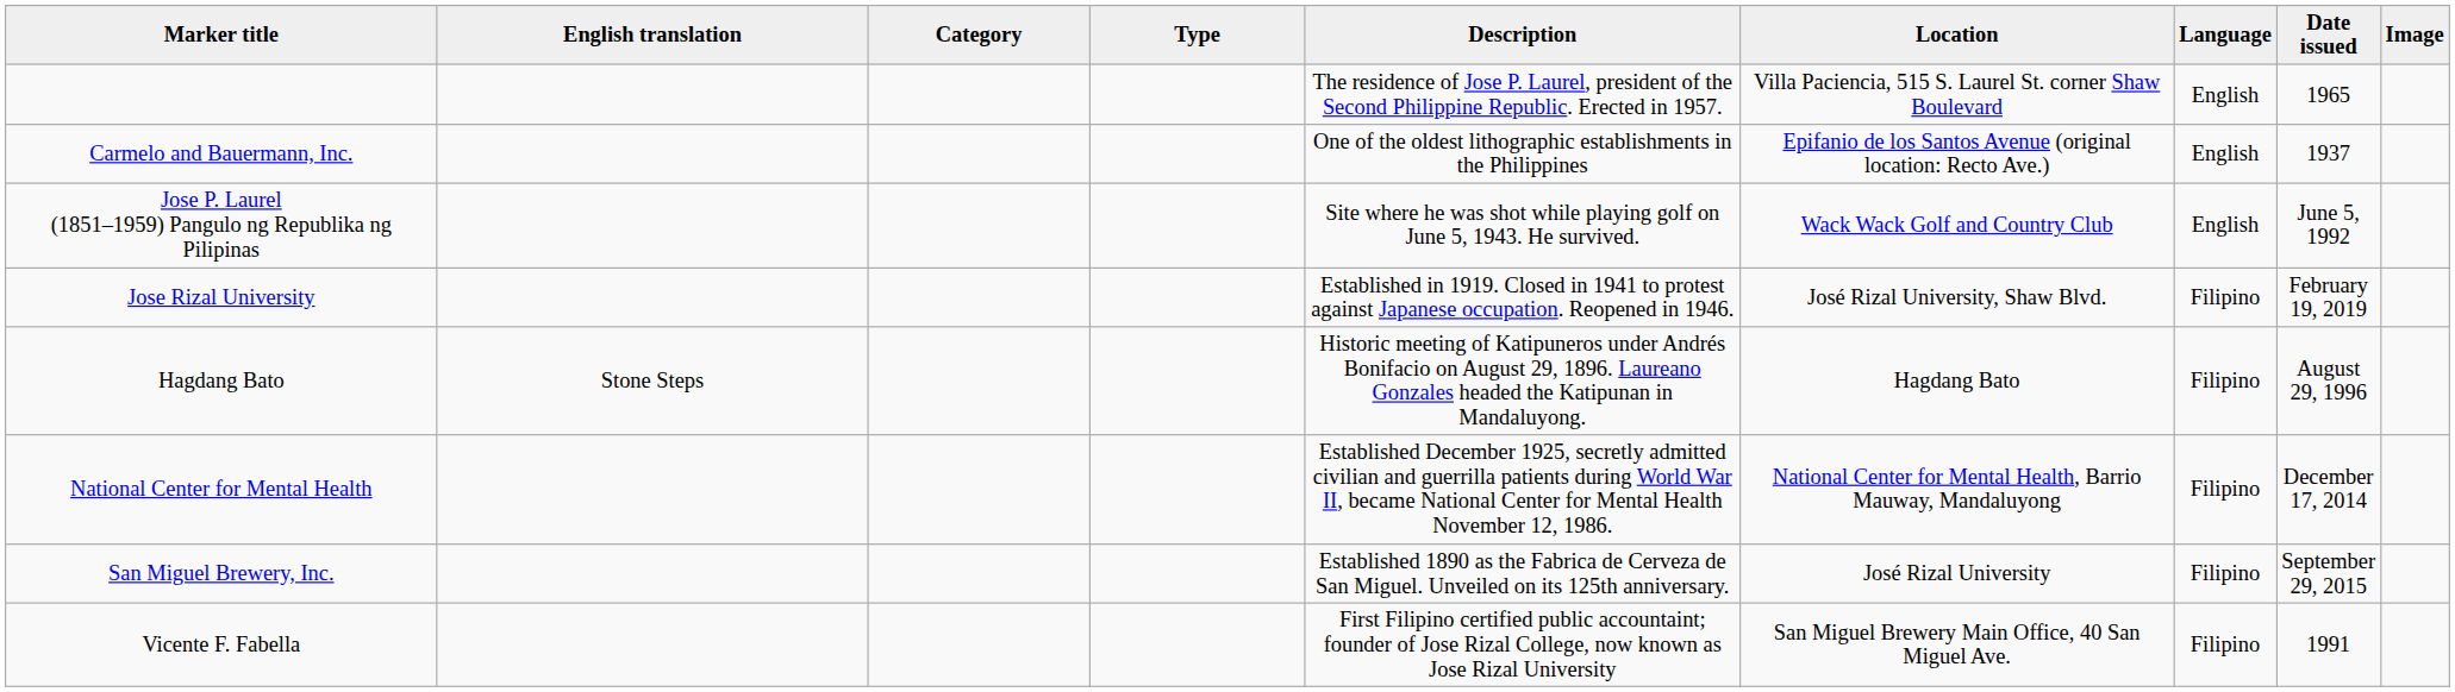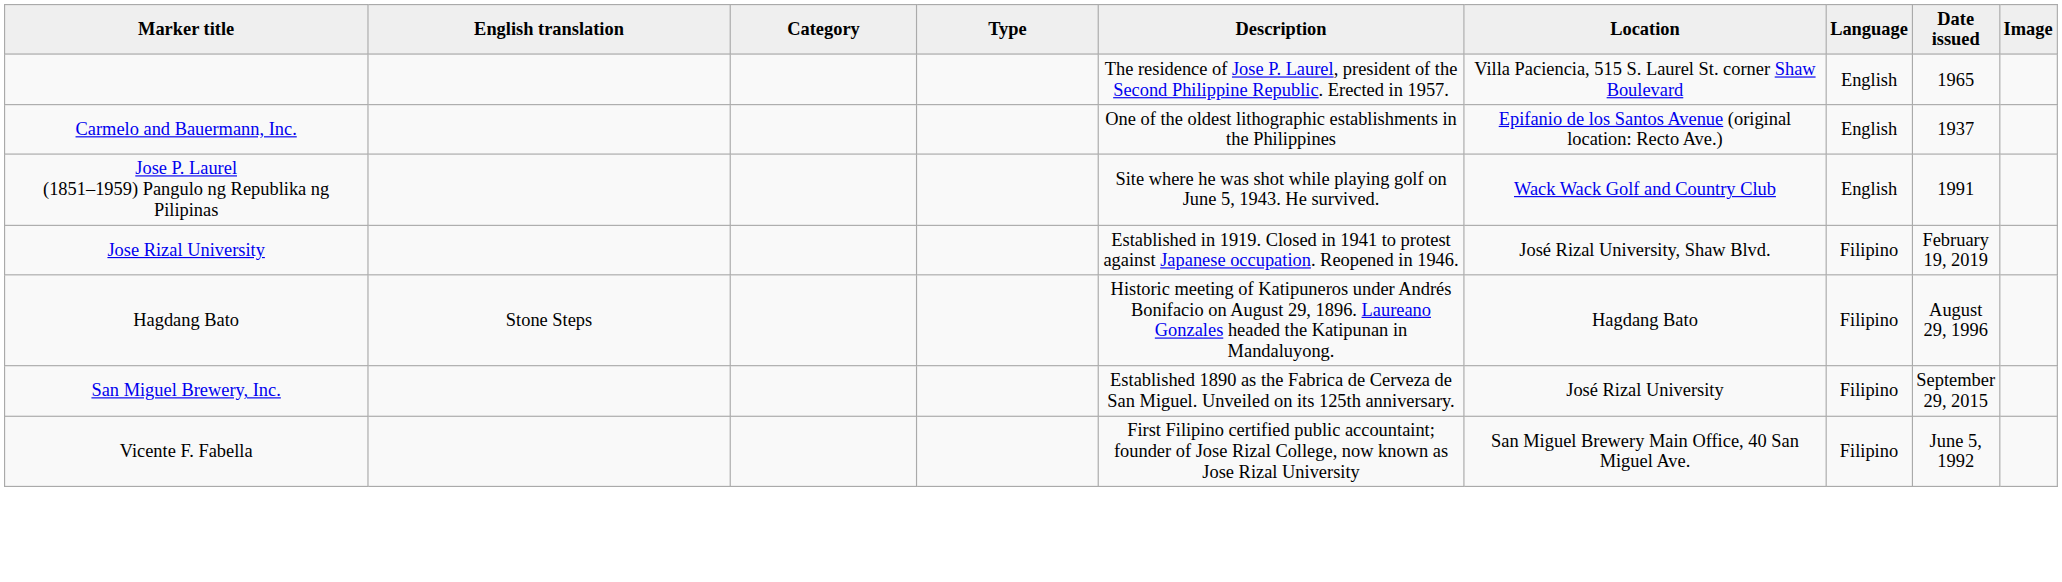 <table class="wikitable" style="width:90%; text-align:center;">
 <tr>
 <th style="width:20%; background:#efefef;">Marker title</th>
 <th style="width:20%; background:#efefef;">English translation</th>
 <th style="width:10%; background:#efefef;">Category</th>
 <th style="width:10%; background:#efefef;">Type</th>
 <th style="width:20%; background:#efefef;">Description</th>
 <th style="width:20%; background:#efefef;">Location</th>
 <th style="width:10%; background:#efefef;">Language</th>
 <th style="width:10%; background:#efefef;">Date issued</th>
 <th style="width:10%; background:#efefef;">Image</th>
 </tr>
 <tr>
 <td></td>
 <td></td>
 <td></td>
 <td></td>
 <td>The residence of <a href='#'>Jose P. Laurel</a>, president of the <a href='#'>Second Philippine Republic</a>. Erected in 1957.</td>
 <td>Villa Paciencia, 515 S. Laurel St. corner <a href='#'>Shaw Boulevard</a></td>
 <td>English</td>
 <td>1965</td>
 <td><br></td>
 </tr>
 <tr>
 <td><a href='#'>Carmelo and Bauermann, Inc.</a></td>
 <td></td>
 <td></td>
 <td></td>
 <td>One of the oldest lithographic establishments in the Philippines</td>
 <td><a href='#'>Epifanio de los Santos Avenue</a> (original location: Recto Ave.)</td>
 <td>English</td>
 <td>1937</td>
 <td></td>
 </tr>
 <tr>
 <td><a href='#'>Jose P. Laurel</a><br>(1851–1959) Pangulo ng Republika ng Pilipinas</td>
 <td></td>
 <td></td>
 <td></td>
 <td>Site where he was shot while playing golf on June 5, 1943. He survived.</td>
 <td><a href='#'>Wack Wack Golf and Country Club</a></td>
 <td>English</td>
-<td>June 5, 1992</td>
+<td>1991</td>
 <td></td>
 </tr>
 <tr>
 <td><a href='#'>Jose Rizal University</a></td>
 <td></td>
 <td></td>
 <td></td>
 <td>Established in 1919. Closed in 1941 to protest against <a href='#'>Japanese occupation</a>. Reopened in 1946.</td>
 <td>José Rizal University, Shaw Blvd.</td>
 <td>Filipino</td>
 <td>February 19, 2019</td>
 <td></td>
 </tr>
 <tr>
 <td>Hagdang Bato</td>
 <td>Stone Steps</td>
 <td></td>
 <td></td>
 <td>Historic meeting of Katipuneros under Andrés Bonifacio on August 29, 1896. <a href='#'>Laureano Gonzales</a> headed the Katipunan in Mandaluyong.</td>
 <td>Hagdang Bato</td>
 <td>Filipino</td>
 <td>August 29, 1996</td>
 <td></td>
 </tr>
 <tr>
-<td><a href='#'>National Center for Mental Health</a></td>
-<td></td>
-<td></td>
-<td></td>
-<td>Established December 1925, secretly admitted civilian and guerrilla patients during <a href='#'>World War II</a>, became National Center for Mental Health November 12, 1986.</td>
-<td><a href='#'>National Center for Mental Health</a>, Barrio Mauway, Mandaluyong</td>
-<td>Filipino</td>
-<td>December 17, 2014</td>
-<td></td>
-</tr>
-<tr>
 <td><a href='#'>San Miguel Brewery, Inc.</a></td>
 <td></td>
 <td></td>
 <td></td>
 <td>Established 1890 as the Fabrica de Cerveza de San Miguel. Unveiled on its 125th anniversary.</td>
 <td>José Rizal University</td>
 <td>Filipino</td>
 <td>September 29, 2015</td>
 <td></td>
 </tr>
 <tr>
 <td>Vicente F. Fabella</td>
 <td></td>
 <td></td>
 <td></td>
 <td>First Filipino certified public accountaint; founder of Jose Rizal College, now known as Jose Rizal University</td>
 <td>San Miguel Brewery Main Office, 40 San Miguel Ave.</td>
 <td>Filipino</td>
-<td>1991</td>
+<td>June 5, 1992</td>
 <td></td>
 </tr>
 </table>
